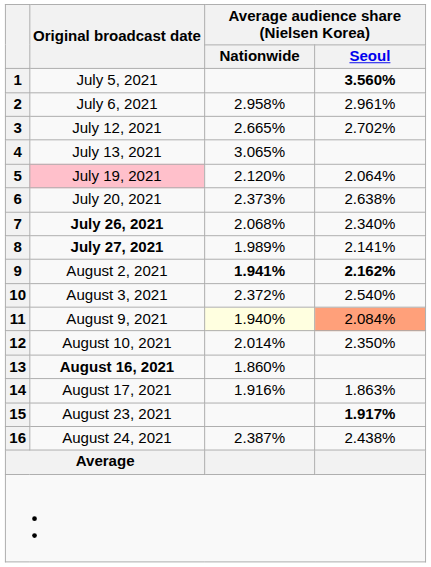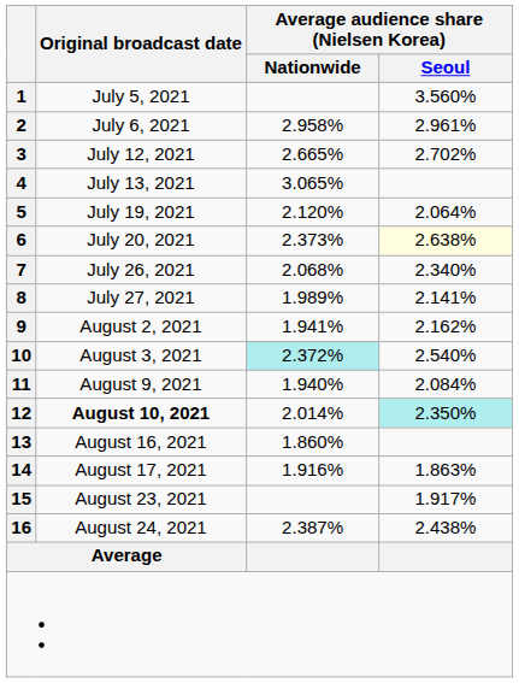 <table class="wikitable" style="text-align:center;max-width:500px; margin-left: auto; margin-right: auto; border: none;">
 <tr>
 </tr>
 <tr>
 <th rowspan="2"></th>
 <th rowspan="2">Original broadcast date</th>
 <th colspan="2">Average audience share<br>(Nielsen Korea)</th>
 </tr>
 <tr>
 <th width="110">Nationwide</th>
 <th width="110"><a href='#'>Seoul</a></th>
 </tr>
 <tr>
 <th>1</th>
 <td>July 5, 2021</td>
 <td> </td>
-<td><strong>3.560% </strong></td>
+<td>3.560% </td>
 </tr>
 <tr>
 <th>2</th>
 <td>July 6, 2021</td>
 <td>2.958% </td>
 <td>2.961% </td>
 </tr>
 <tr>
 <th>3</th>
 <td>July 12, 2021</td>
 <td>2.665% </td>
 <td>2.702% </td>
 </tr>
 <tr>
 <th>4</th>
 <td>July 13, 2021</td>
 <td>3.065% </td>
 <td> </td>
 </tr>
 <tr>
 <th>5</th>
-<td style="background: pink;">July 19, 2021</td>
+<td>July 19, 2021</td>
 <td>2.120% </td>
 <td>2.064% </td>
 </tr>
 <tr>
 <th>6</th>
 <td>July 20, 2021</td>
 <td>2.373% </td>
-<td>2.638% </td>
+<td style="background: lightyellow;">2.638% </td>
 </tr>
 <tr>
 <th>7</th>
-<td><strong>July 26, 2021</strong></td>
+<td>July 26, 2021</td>
 <td>2.068% </td>
 <td>2.340% </td>
 </tr>
 <tr>
 <th>8</th>
-<td><strong>July 27, 2021</strong></td>
+<td>July 27, 2021</td>
 <td>1.989% </td>
 <td>2.141% </td>
 </tr>
 <tr>
 <th>9</th>
 <td>August 2, 2021</td>
-<td><strong>1.941% </strong></td>
-<td><strong>2.162% </strong></td>
+<td>1.941% </td>
+<td>2.162% </td>
 </tr>
 <tr>
 <th>10</th>
 <td>August 3, 2021</td>
-<td>2.372% </td>
+<td style="background: paleturquoise;">2.372% </td>
 <td>2.540% </td>
 </tr>
 <tr>
 <th>11</th>
 <td>August 9, 2021</td>
-<td style="background: lightyellow;">1.940% </td>
-<td style="background: lightsalmon;">2.084% </td>
+<td>1.940% </td>
+<td>2.084% </td>
 </tr>
 <tr>
 <th>12</th>
-<td>August 10, 2021</td>
+<td><strong>August 10, 2021</strong></td>
 <td>2.014% </td>
-<td>2.350% </td>
+<td style="background: paleturquoise;">2.350% </td>
 </tr>
 <tr>
 <th>13</th>
-<td><strong>August 16, 2021</strong></td>
+<td>August 16, 2021</td>
 <td>1.860% </td>
 <td> </td>
 </tr>
 <tr>
 <th>14</th>
 <td>August 17, 2021</td>
 <td>1.916% </td>
 <td>1.863% </td>
 </tr>
 <tr>
 <th>15</th>
 <td>August 23, 2021</td>
 <td> </td>
-<td><strong>1.917% </strong></td>
+<td>1.917% </td>
 </tr>
 <tr>
 <th>16</th>
 <td>August 24, 2021</td>
 <td>2.387% </td>
 <td>2.438% </td>
 </tr>
 <tr>
 <th colspan="2">Average</th>
 <th></th>
 <th></th>
 </tr>
 <tr>
 <td colspan="4"><br><ul><li></li><li></li></ul></td>
 </tr>
 </table>
